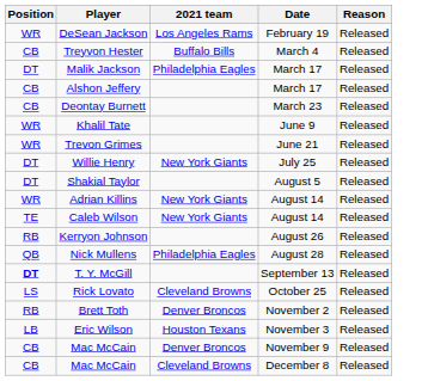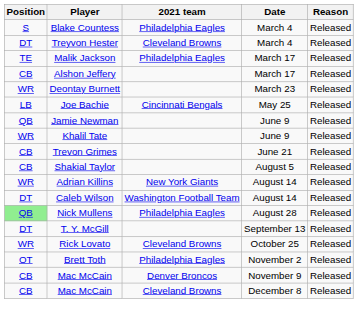 <table class="wikitable" style="text-align:center">
 <tr>
 <th>Position</th>
 <th>Player</th>
 <th>2021 team</th>
 <th>Date</th>
 <th>Reason</th>
 </tr>
 <tr>
-<td><a href='#'>WR</a></td>
-<td><a href='#'>DeSean Jackson</a></td>
-<td><a href='#'>Los Angeles Rams</a></td>
-<td>February 19</td>
-<td>Released</td>
-</tr>
-<tr>
-<td><a href='#'>CB</a></td>
-<td><a href='#'>Treyvon Hester</a></td>
-<td><a href='#'>Buffalo Bills</a></td>
+<td><a href='#'>S</a></td>
+<td><a href='#'>Blake Countess</a></td>
+<td><a href='#'>Philadelphia Eagles</a></td>
 <td>March 4</td>
 <td>Released</td>
 </tr>
 <tr>
 <td><a href='#'>DT</a></td>
+<td><a href='#'>Treyvon Hester</a></td>
+<td><a href='#'>Cleveland Browns</a></td>
+<td>March 4</td>
+<td>Released</td>
+</tr>
+<tr>
+<td><a href='#'>TE</a></td>
 <td><a href='#'>Malik Jackson</a></td>
 <td><a href='#'>Philadelphia Eagles</a></td>
 <td>March 17</td>
 <td>Released</td>
 </tr>
 <tr>
 <td><a href='#'>CB</a></td>
 <td><a href='#'>Alshon Jeffery</a></td>
 <td></td>
 <td>March 17</td>
 <td>Released</td>
 </tr>
 <tr>
-<td><a href='#'>CB</a></td>
+<td><a href='#'>WR</a></td>
 <td><a href='#'>Deontay Burnett</a></td>
 <td></td>
 <td>March 23</td>
+<td>Released</td>
+</tr>
+<tr>
+<td><a href='#'>LB</a></td>
+<td><a href='#'>Joe Bachie</a></td>
+<td><a href='#'>Cincinnati Bengals</a></td>
+<td>May 25</td>
+<td>Released</td>
+</tr>
+<tr>
+<td><a href='#'>QB</a></td>
+<td><a href='#'>Jamie Newman</a></td>
+<td></td>
+<td>June 9</td>
 <td>Released</td>
 </tr>
 <tr>
 <td><a href='#'>WR</a></td>
 <td><a href='#'>Khalil Tate</a></td>
 <td></td>
 <td>June 9</td>
 <td>Released</td>
 </tr>
 <tr>
-<td><a href='#'>WR</a></td>
+<td><a href='#'>CB</a></td>
 <td><a href='#'>Trevon Grimes</a></td>
 <td></td>
 <td>June 21</td>
 <td>Released</td>
 </tr>
 <tr>
-<td><a href='#'>DT</a></td>
-<td><a href='#'>Willie Henry</a></td>
-<td><a href='#'>New York Giants</a></td>
-<td>July 25</td>
-<td>Released</td>
-</tr>
-<tr>
-<td><a href='#'>DT</a></td>
+<td><a href='#'>CB</a></td>
 <td><a href='#'>Shakial Taylor</a></td>
 <td></td>
 <td>August 5</td>
 <td>Released</td>
 </tr>
 <tr>
 <td><a href='#'>WR</a></td>
 <td><a href='#'>Adrian Killins</a></td>
 <td><a href='#'>New York Giants</a></td>
 <td>August 14</td>
 <td>Released</td>
 </tr>
 <tr>
-<td><a href='#'>TE</a></td>
+<td><a href='#'>DT</a></td>
 <td><a href='#'>Caleb Wilson</a></td>
-<td><a href='#'>New York Giants</a></td>
+<td><a href='#'>Washington Football Team</a></td>
 <td>August 14</td>
 <td>Released</td>
 </tr>
 <tr>
-<td><a href='#'>RB</a></td>
-<td><a href='#'>Kerryon Johnson</a></td>
-<td></td>
-<td>August 26</td>
-<td>Released</td>
-</tr>
-<tr>
-<td><a href='#'>QB</a></td>
+<td style="background: lightgreen;"><a href='#'>QB</a></td>
 <td><a href='#'>Nick Mullens</a></td>
 <td><a href='#'>Philadelphia Eagles</a></td>
 <td>August 28</td>
 <td>Released</td>
 </tr>
 <tr>
-<td><strong><a href='#'>DT</a></strong></td>
+<td><a href='#'>DT</a></td>
 <td><a href='#'>T. Y. McGill</a></td>
 <td></td>
 <td>September 13</td>
 <td>Released</td>
 </tr>
 <tr>
-<td><a href='#'>LS</a></td>
+<td><a href='#'>WR</a></td>
 <td><a href='#'>Rick Lovato</a></td>
 <td><a href='#'>Cleveland Browns</a></td>
 <td>October 25</td>
 <td>Released</td>
 </tr>
 <tr>
-<td><a href='#'>RB</a></td>
+<td><a href='#'>OT</a></td>
 <td><a href='#'>Brett Toth</a></td>
-<td><a href='#'>Denver Broncos</a></td>
+<td><a href='#'>Philadelphia Eagles</a></td>
 <td>November 2</td>
-<td>Released</td>
-</tr>
-<tr>
-<td><a href='#'>LB</a></td>
-<td><a href='#'>Eric Wilson</a></td>
-<td><a href='#'>Houston Texans</a></td>
-<td>November 3</td>
 <td>Released</td>
 </tr>
 <tr>
 <td><a href='#'>CB</a></td>
 <td><a href='#'>Mac McCain</a></td>
 <td><a href='#'>Denver Broncos</a></td>
 <td>November 9</td>
 <td>Released</td>
 </tr>
 <tr>
 <td><a href='#'>CB</a></td>
 <td><a href='#'>Mac McCain</a></td>
 <td><a href='#'>Cleveland Browns</a></td>
 <td>December 8</td>
 <td>Released</td>
 </tr>
 </table>
